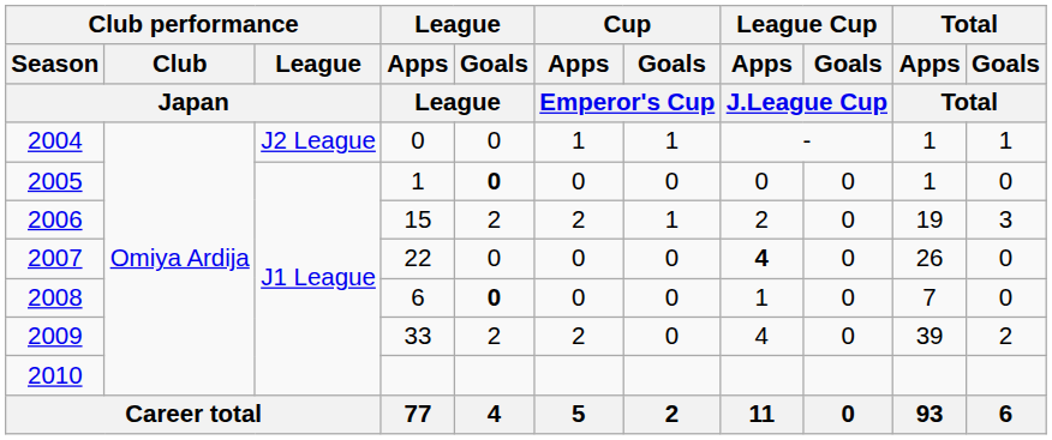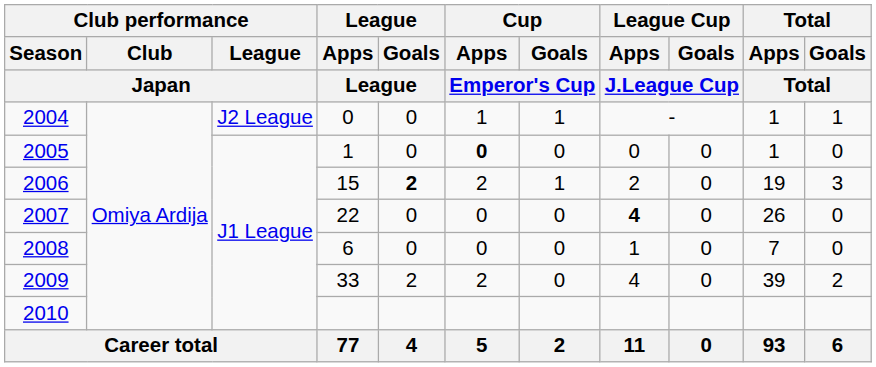 <table class="wikitable" style="text-align:center">
 <tr>
 <th colspan=3>Club performance</th>
 <th colspan=2>League</th>
 <th colspan=2>Cup</th>
 <th colspan=2>League Cup</th>
 <th colspan=2>Total</th>
 </tr>
 <tr>
 <th>Season</th>
 <th>Club</th>
 <th>League</th>
 <th>Apps</th>
 <th>Goals</th>
 <th>Apps</th>
 <th>Goals</th>
 <th>Apps</th>
 <th>Goals</th>
 <th>Apps</th>
 <th>Goals</th>
 </tr>
 <tr>
 <th colspan=3>Japan</th>
 <th colspan=2>League</th>
 <th colspan=2><a href='#'>Emperor's Cup</a></th>
 <th colspan=2><a href='#'>J.League Cup</a></th>
 <th colspan=2>Total</th>
 </tr>
 <tr>
 <td><a href='#'>2004</a></td>
 <td rowspan="7"><a href='#'>Omiya Ardija</a></td>
 <td><a href='#'>J2 League</a></td>
 <td>0</td>
 <td>0</td>
 <td>1</td>
 <td>1</td>
 <td colspan="2">-</td>
 <td>1</td>
 <td>1</td>
 </tr>
 <tr>
 <td><a href='#'>2005</a></td>
 <td rowspan="6"><a href='#'>J1 League</a></td>
 <td>1</td>
+<td>0</td>
 <td><strong>0</strong></td>
-<td>0</td>
 <td>0</td>
 <td>0</td>
 <td>0</td>
 <td>1</td>
 <td>0</td>
 </tr>
 <tr>
 <td><a href='#'>2006</a></td>
 <td>15</td>
-<td>2</td>
+<td><strong>2</strong></td>
 <td>2</td>
 <td>1</td>
 <td>2</td>
 <td>0</td>
 <td>19</td>
 <td>3</td>
 </tr>
 <tr>
 <td><a href='#'>2007</a></td>
 <td>22</td>
 <td>0</td>
 <td>0</td>
 <td>0</td>
 <td><strong>4</strong></td>
 <td>0</td>
 <td>26</td>
 <td>0</td>
 </tr>
 <tr>
 <td><a href='#'>2008</a></td>
 <td>6</td>
-<td><strong>0</strong></td>
+<td>0</td>
 <td>0</td>
 <td>0</td>
 <td>1</td>
 <td>0</td>
 <td>7</td>
 <td>0</td>
 </tr>
 <tr>
 <td><a href='#'>2009</a></td>
 <td>33</td>
 <td>2</td>
 <td>2</td>
 <td>0</td>
 <td>4</td>
 <td>0</td>
 <td>39</td>
 <td>2</td>
 </tr>
 <tr>
 <td><a href='#'>2010</a></td>
 <td></td>
 <td></td>
 <td></td>
 <td></td>
 <td></td>
 <td></td>
 <td></td>
 <td></td>
 </tr>
 <tr>
 <th colspan=3>Career total</th>
 <th>77</th>
 <th>4</th>
 <th>5</th>
 <th>2</th>
 <th>11</th>
 <th>0</th>
 <th>93</th>
 <th>6</th>
 </tr>
 </table>
